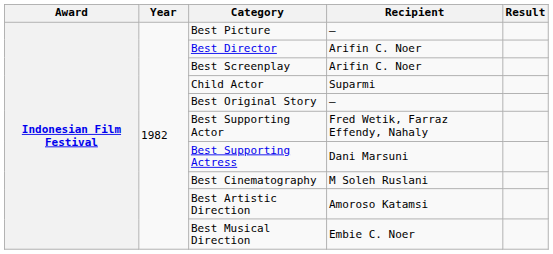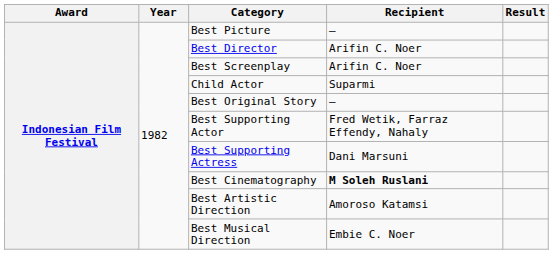 <table class="wikitable plainrowheaders" style="font-size: 95%;">
 <tr>
 <th scope="col">Award</th>
 <th scope="col"; width=50>Year</th>
 <th scope="col">Category</th>
 <th scope="col">Recipient</th>
 <th scope="col">Result</th>
 </tr>
 <tr>
 <th scope="row" rowspan="10"><a href='#'>Indonesian Film Festival</a></th>
 <td rowspan="10">1982</td>
 <td>Best Picture</td>
 <td>–</td>
 <td></td>
 </tr>
 <tr>
 <td><a href='#'>Best Director</a></td>
 <td>Arifin C. Noer</td>
 <td></td>
 </tr>
 <tr>
 <td>Best Screenplay</td>
 <td>Arifin C. Noer</td>
 <td></td>
 </tr>
 <tr>
 <td>Child Actor</td>
 <td>Suparmi</td>
 <td></td>
 </tr>
 <tr>
 <td>Best Original Story</td>
 <td>–</td>
 <td></td>
 </tr>
 <tr>
 <td>Best Supporting Actor</td>
 <td>Fred Wetik, Farraz Effendy, Nahaly</td>
 <td></td>
 </tr>
 <tr>
 <td><a href='#'>Best Supporting Actress</a></td>
 <td>Dani Marsuni</td>
 <td></td>
 </tr>
 <tr>
 <td>Best Cinematography</td>
-<td>M Soleh Ruslani</td>
+<td><strong>M Soleh Ruslani</strong></td>
 <td></td>
 </tr>
 <tr>
 <td>Best Artistic Direction</td>
 <td>Amoroso Katamsi</td>
 <td></td>
 </tr>
 <tr>
 <td>Best Musical Direction</td>
 <td>Embie C. Noer</td>
 <td></td>
 </tr>
 </table>
